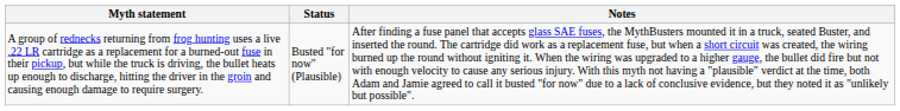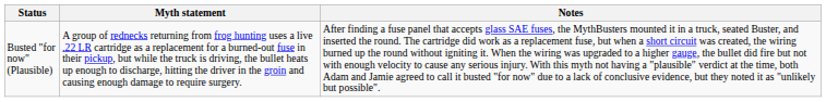 <table class="wikitable plainrowheaders">
 <tr>
+<th>Status</th>
 <th>Myth statement</th>
-<th>Status</th>
 <th>Notes</th>
 </tr>
 <tr>
+<td><span>Busted "for now"</span><br><span>(Plausible)</span></td>
 <td>A group of <a href='#'>rednecks</a> returning from <a href='#'>frog hunting</a> uses a live <a href='#'>.22 LR</a> cartridge as a replacement for a burned-out <a href='#'>fuse</a> in their <a href='#'>pickup</a>, but while the truck is driving, the bullet heats up enough to discharge, hitting the driver in the <a href='#'>groin</a> and causing enough damage to require surgery.</td>
-<td><span>Busted "for now"</span><br><span>(Plausible)</span></td>
 <td>After finding a fuse panel that accepts <a href='#'>glass SAE fuses</a>, the MythBusters mounted it in a truck, seated Buster, and inserted the round. The cartridge did work as a replacement fuse, but when a <a href='#'>short circuit</a> was created, the wiring burned up the round without igniting it. When the wiring was upgraded to a higher <a href='#'>gauge</a>, the bullet did fire but not with enough velocity to cause any serious injury. With this myth not having a "plausible" verdict at the time, both Adam and Jamie agreed to call it busted "for now" due to a lack of conclusive evidence, but they noted it as "unlikely but possible".</td>
 </tr>
 </table>
